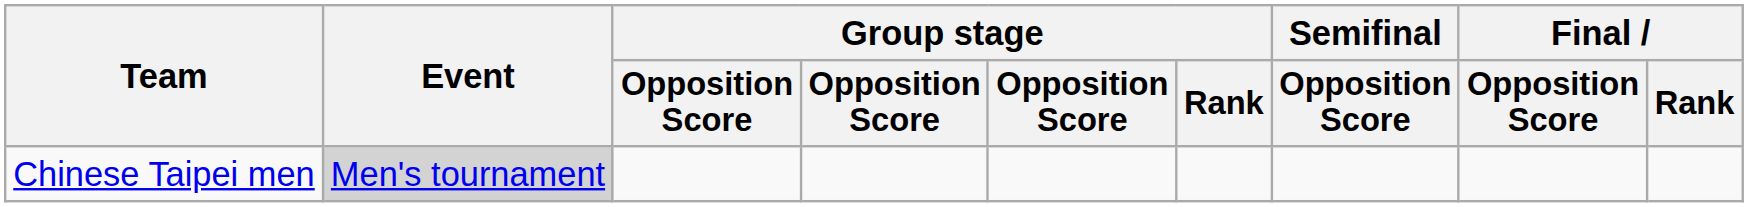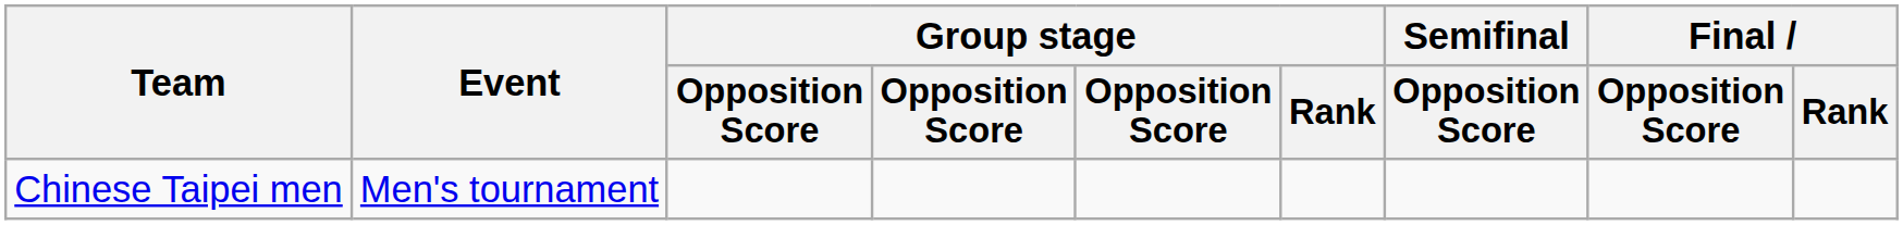 <table class="wikitable" style="font-size:90%">
 <tr>
 <th rowspan="2">Team</th>
 <th rowspan="2">Event</th>
 <th colspan="4">Group stage</th>
 <th>Semifinal</th>
 <th colspan="2">Final / </th>
 </tr>
 <tr style="font-size:95%">
 <th>Opposition<br>Score</th>
 <th>Opposition<br>Score</th>
 <th>Opposition<br>Score</th>
 <th>Rank</th>
 <th>Opposition<br>Score</th>
 <th>Opposition<br>Score</th>
 <th>Rank</th>
 </tr>
 <tr align="center">
 <td align="left"><a href='#'>Chinese Taipei men</a></td>
-<td align="left" style="background: lightgrey;"><a href='#'>Men's tournament</a></td>
+<td align="left"><a href='#'>Men's tournament</a></td>
 <td></td>
 <td></td>
 <td></td>
 <td></td>
 <td></td>
 <td></td>
 <td></td>
 </tr>
 </table>
